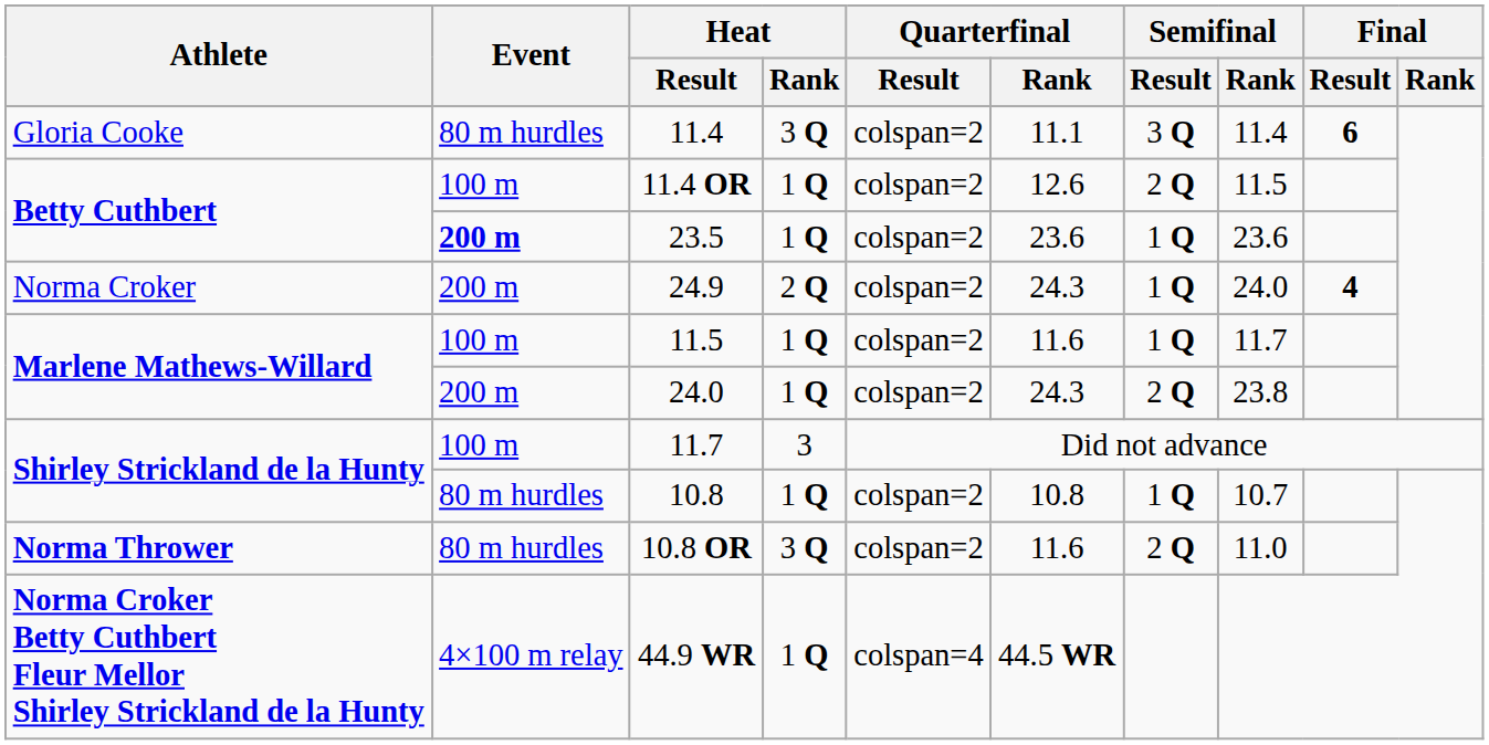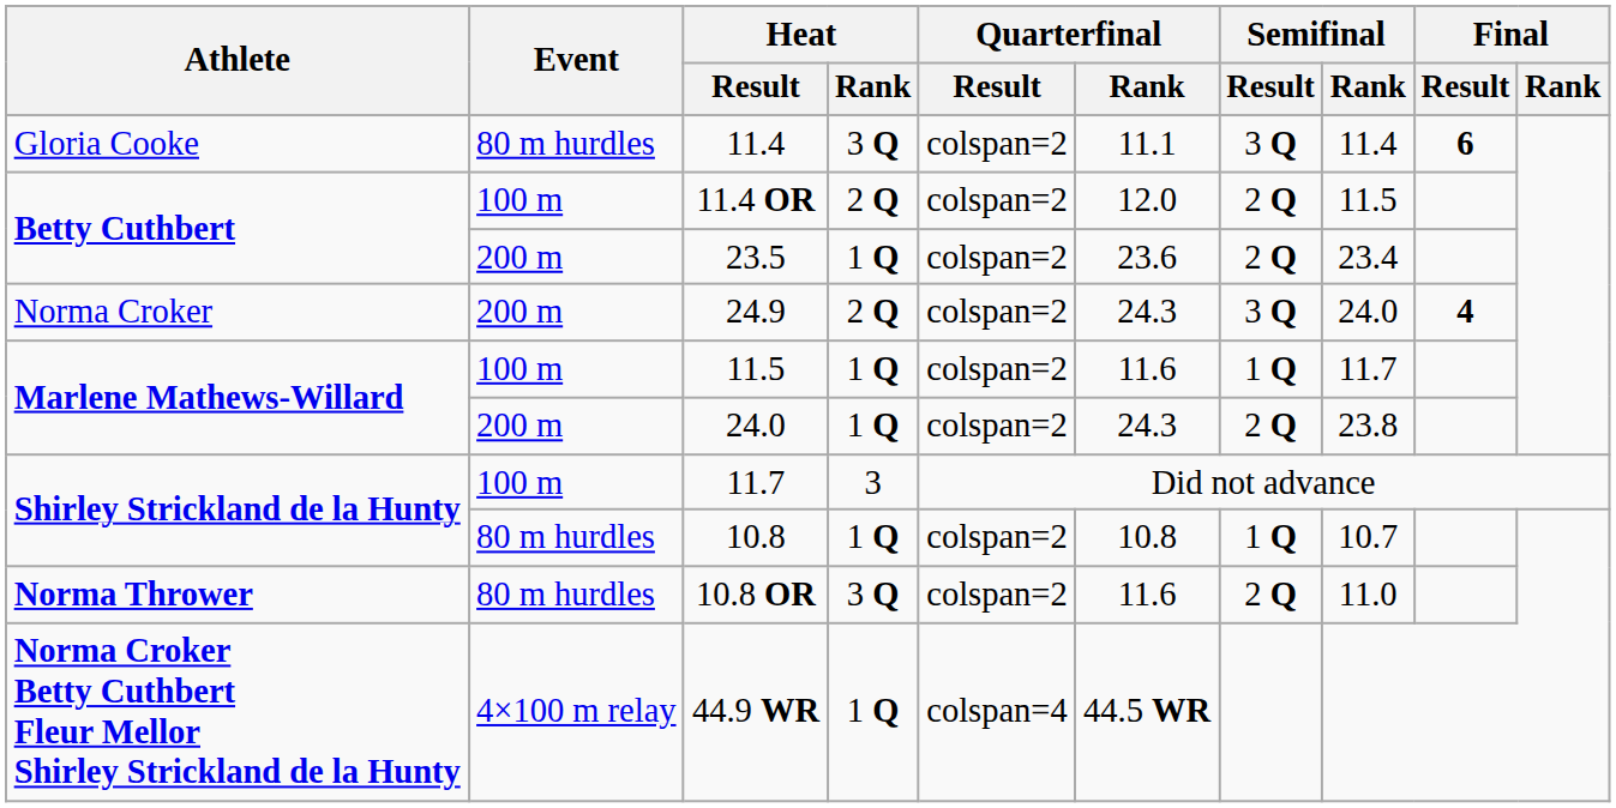 <table class="wikitable" style="font-size:90%">
 <tr>
 <th rowspan="2">Athlete</th>
 <th rowspan="2">Event</th>
 <th colspan="2">Heat</th>
 <th colspan="2">Quarterfinal</th>
 <th colspan="2">Semifinal</th>
 <th colspan="2">Final</th>
 </tr>
 <tr style="font-size:95%">
 <th>Result</th>
 <th>Rank</th>
 <th>Result</th>
 <th>Rank</th>
 <th>Result</th>
 <th>Rank</th>
 <th>Result</th>
 <th>Rank</th>
 </tr>
 <tr align=center>
 <td align=left><a href='#'>Gloria Cooke</a></td>
 <td align=left><a href='#'>80 m hurdles</a></td>
 <td>11.4</td>
 <td>3 <strong>Q</strong></td>
 <td>colspan=2 </td>
 <td>11.1</td>
 <td>3 <strong>Q</strong></td>
 <td>11.4</td>
 <td><strong>6</strong></td>
 </tr>
 <tr align=center>
 <td align=left rowspan=2><strong><a href='#'>Betty Cuthbert</a></strong></td>
 <td align=left><a href='#'>100 m</a></td>
 <td>11.4 <strong>OR</strong></td>
-<td>1 <strong>Q</strong></td>
+<td>2 <strong>Q</strong></td>
 <td>colspan=2 </td>
-<td>12.6</td>
+<td>12.0</td>
 <td>2 <strong>Q</strong></td>
 <td>11.5</td>
 <td></td>
 </tr>
 <tr align=center>
-<td align=left><strong><a href='#'>200 m</a></strong></td>
+<td align=left><a href='#'>200 m</a></td>
 <td>23.5</td>
 <td>1 <strong>Q</strong></td>
 <td>colspan=2 </td>
 <td>23.6</td>
-<td>1 <strong>Q</strong></td>
-<td>23.6</td>
+<td>2 <strong>Q</strong></td>
+<td>23.4</td>
 <td></td>
 </tr>
 <tr align=center>
 <td align=left><a href='#'>Norma Croker</a></td>
 <td align=left><a href='#'>200 m</a></td>
 <td>24.9</td>
 <td>2 <strong>Q</strong></td>
 <td>colspan=2 </td>
 <td>24.3</td>
-<td>1 <strong>Q</strong></td>
+<td>3 <strong>Q</strong></td>
 <td>24.0</td>
 <td><strong>4</strong></td>
 </tr>
 <tr align=center>
 <td align=left rowspan=2><strong><a href='#'>Marlene Mathews-Willard</a></strong></td>
 <td align=left><a href='#'>100 m</a></td>
 <td>11.5</td>
 <td>1 <strong>Q</strong></td>
 <td>colspan=2 </td>
 <td>11.6</td>
 <td>1 <strong>Q</strong></td>
 <td>11.7</td>
 <td></td>
 </tr>
 <tr align=center>
 <td align=left><a href='#'>200 m</a></td>
 <td>24.0</td>
 <td>1 <strong>Q</strong></td>
 <td>colspan=2 </td>
 <td>24.3</td>
 <td>2 <strong>Q</strong></td>
 <td>23.8</td>
 <td></td>
 </tr>
 <tr align=center>
 <td align=left rowspan=2><strong><a href='#'>Shirley Strickland de la Hunty</a></strong></td>
 <td align=left><a href='#'>100 m</a></td>
 <td>11.7</td>
 <td>3</td>
 <td colspan=6>Did not advance</td>
 </tr>
 <tr align=center>
 <td align=left><a href='#'>80 m hurdles</a></td>
 <td>10.8</td>
 <td>1 <strong>Q</strong></td>
 <td>colspan=2 </td>
 <td>10.8</td>
 <td>1 <strong>Q</strong></td>
 <td>10.7</td>
 <td></td>
 </tr>
 <tr align=center>
 <td align=left><strong><a href='#'>Norma Thrower</a></strong></td>
 <td align=left><a href='#'>80 m hurdles</a></td>
 <td>10.8 <strong>OR</strong></td>
 <td>3 <strong>Q</strong></td>
 <td>colspan=2 </td>
 <td>11.6</td>
 <td>2 <strong>Q</strong></td>
 <td>11.0</td>
 <td></td>
 </tr>
 <tr align=center>
 <td align=left><strong><a href='#'>Norma Croker</a><br><a href='#'>Betty Cuthbert</a><br><a href='#'>Fleur Mellor</a><br><a href='#'>Shirley Strickland de la Hunty</a></strong></td>
 <td align=left><a href='#'>4×100 m relay</a></td>
 <td>44.9 <strong>WR</strong></td>
 <td>1 <strong>Q</strong></td>
 <td>colspan=4 </td>
 <td>44.5 <strong>WR</strong></td>
 <td></td>
 </tr>
 </table>
